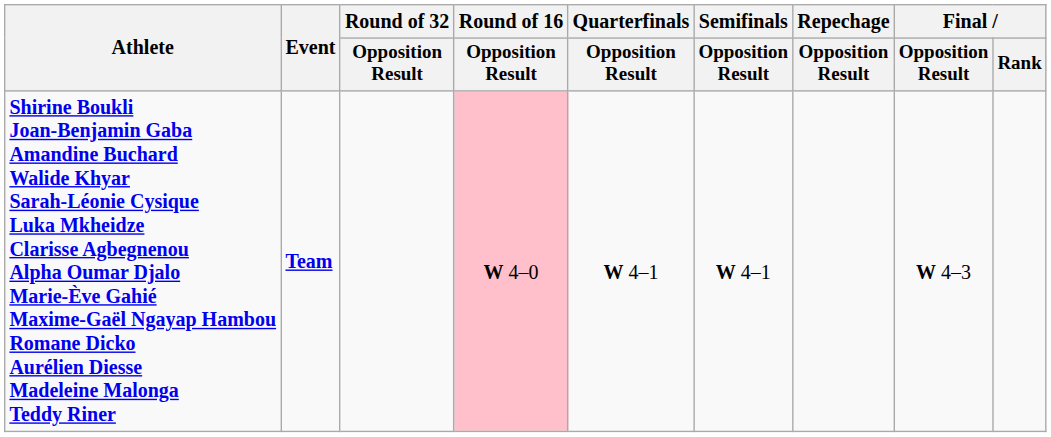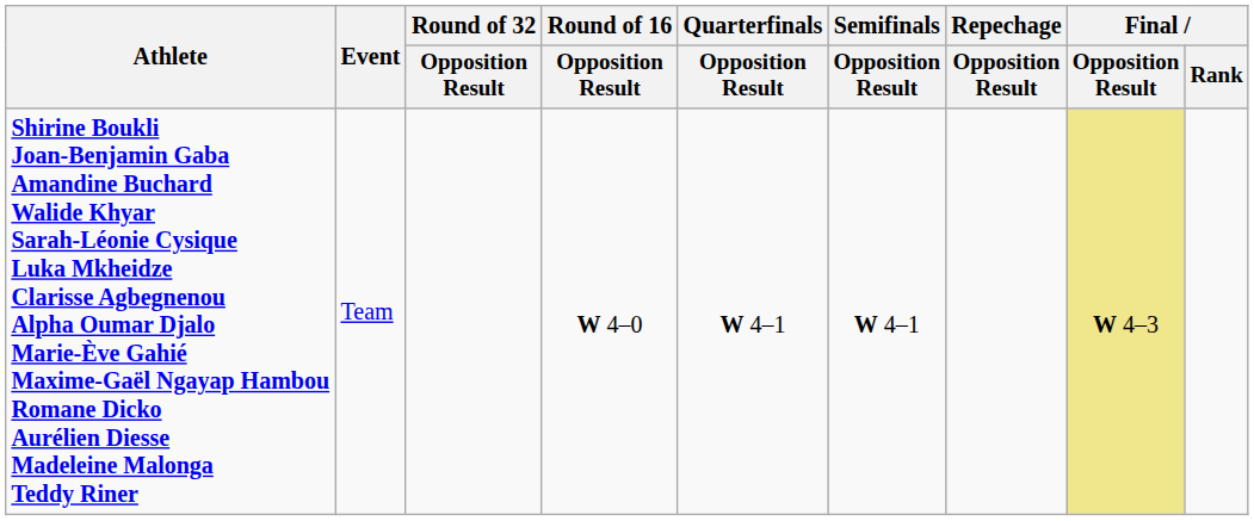 <table class="wikitable" style="font-size:90%">
 <tr>
 <th rowspan="2">Athlete</th>
 <th rowspan="2">Event</th>
 <th>Round of 32</th>
 <th>Round of 16</th>
 <th>Quarterfinals</th>
 <th>Semifinals</th>
 <th>Repechage</th>
 <th colspan=2>Final / </th>
 </tr>
 <tr style="font-size:95%">
 <th>Opposition<br>Result</th>
 <th>Opposition<br>Result</th>
 <th>Opposition<br>Result</th>
 <th>Opposition<br>Result</th>
 <th>Opposition<br>Result</th>
 <th>Opposition<br>Result</th>
 <th>Rank</th>
 </tr>
 <tr align=center>
 <td align=left><strong><a href='#'>Shirine Boukli</a><br><a href='#'>Joan-Benjamin Gaba</a><br><a href='#'>Amandine Buchard</a><br><a href='#'>Walide Khyar</a><br><a href='#'>Sarah-Léonie Cysique</a><br><a href='#'>Luka Mkheidze</a><br><a href='#'>Clarisse Agbegnenou</a><br><a href='#'>Alpha Oumar Djalo</a><br><a href='#'>Marie-Ève Gahié</a><br><a href='#'>Maxime-Gaël Ngayap Hambou</a><br><a href='#'>Romane Dicko</a><br><a href='#'>Aurélien Diesse</a><br><a href='#'>Madeleine Malonga</a><br><a href='#'>Teddy Riner</a></strong></td>
-<td align=left><strong><a href='#'>Team</a></strong></td>
+<td align=left><a href='#'>Team</a></td>
 <td></td>
-<td style="background: pink;"><br><strong>W</strong> 4–0</td>
+<td><br><strong>W</strong> 4–0</td>
 <td><br><strong>W</strong> 4–1</td>
 <td><br><strong>W</strong> 4–1</td>
 <td></td>
-<td><br><strong>W</strong> 4–3</td>
+<td style="background: khaki;"><br><strong>W</strong> 4–3</td>
 <td></td>
 </tr>
 </table>
